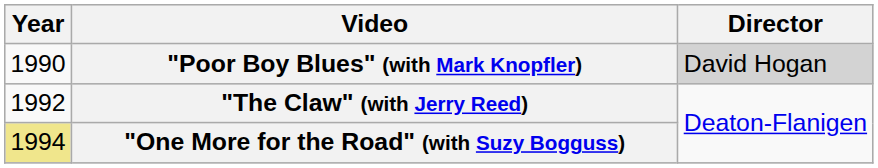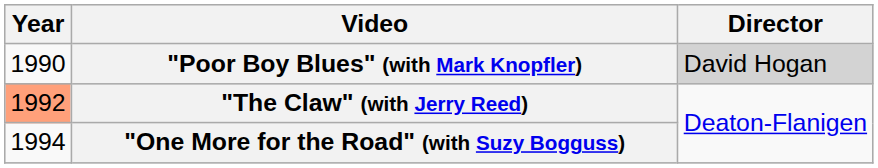 <table class="wikitable plainrowheaders">
 <tr>
 <th>Year</th>
 <th style="width:24em;">Video</th>
 <th>Director</th>
 </tr>
 <tr>
 <td>1990</td>
 <th scope="row">"Poor Boy Blues" <small>(with <a href='#'>Mark Knopfler</a>)</small></th>
 <td style="background: lightgrey;">David Hogan</td>
 </tr>
 <tr>
-<td>1992</td>
+<td style="background: lightsalmon;">1992</td>
 <th scope="row">"The Claw" <small>(with <a href='#'>Jerry Reed</a>)</small></th>
 <td rowspan="2"><a href='#'>Deaton-Flanigen</a></td>
 </tr>
 <tr>
-<td style="background: khaki;">1994</td>
+<td>1994</td>
 <th scope="row">"One More for the Road" <small>(with <a href='#'>Suzy Bogguss</a>)</small></th>
 </tr>
 </table>
